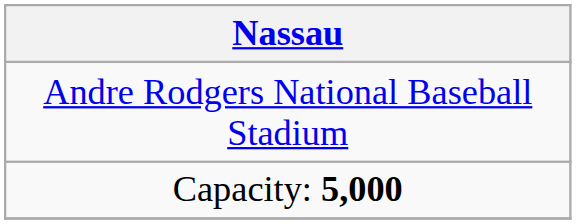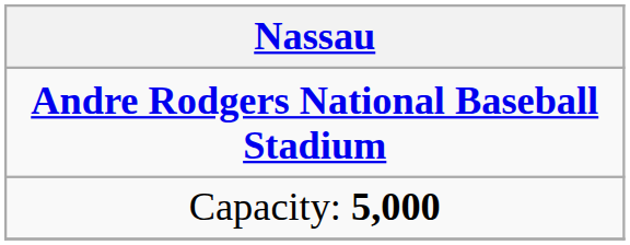 <table class="wikitable" style="text-align:center" width=250>
 <tr>
 <th> <strong><a href='#'>Nassau</a></strong></th>
 </tr>
 <tr>
-<td><a href='#'>Andre Rodgers National Baseball Stadium</a></td>
+<td><strong><a href='#'>Andre Rodgers National Baseball Stadium</a></strong></td>
 </tr>
 <tr>
 <td>Capacity: <strong>5,000</strong></td>
 </tr>
 <tr>
 </tr>
 </table>
